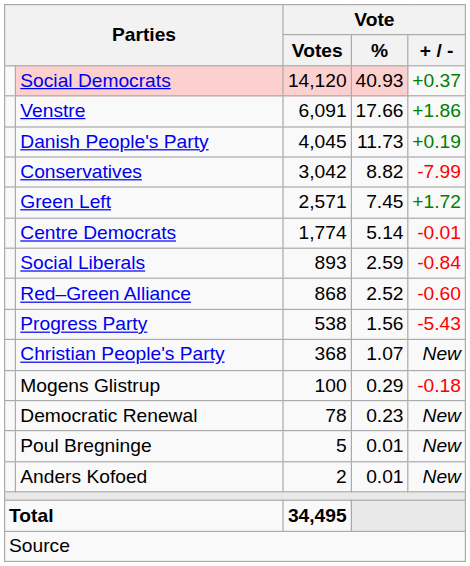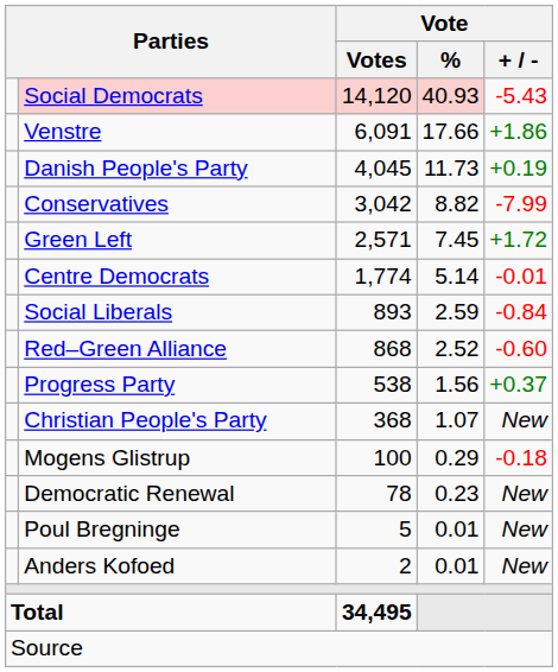 <table class="wikitable" style="text-align:right;">
 <tr>
 <th style="text-align:centre;" rowspan="2" colspan="2" width="225">Parties</th>
 <th colspan="3">Vote</th>
 </tr>
 <tr>
 <th width="15">Votes</th>
 <th width="15">%</th>
 <th width="15">+ / -</th>
 </tr>
 <tr>
 <td width="2" style="color:inherit;background:"></td>
 <td bgcolor=#fbd0ce  align="left"><a href='#'>Social Democrats</a></td>
 <td bgcolor=#fbd0ce>14,120</td>
 <td bgcolor=#fbd0ce>40.93</td>
-<td style=color:green;>+0.37</td>
+<td style=color:red;>-5.43</td>
 </tr>
 <tr>
 <td width="2" style="color:inherit;background:"></td>
 <td align="left"><a href='#'>Venstre</a></td>
 <td>6,091</td>
 <td>17.66</td>
 <td style=color:green;>+1.86</td>
 </tr>
 <tr>
 <td width="2" style="color:inherit;background:"></td>
 <td align="left"><a href='#'>Danish People's Party</a></td>
 <td>4,045</td>
 <td>11.73</td>
 <td style=color:green;>+0.19</td>
 </tr>
 <tr>
 <td width="2" style="color:inherit;background:"></td>
 <td align="left"><a href='#'>Conservatives</a></td>
 <td>3,042</td>
 <td>8.82</td>
 <td style=color:red;>-7.99</td>
 </tr>
 <tr>
 <td width="2" style="color:inherit;background:"></td>
 <td align="left"><a href='#'>Green Left</a></td>
 <td>2,571</td>
 <td>7.45</td>
 <td style=color:green;>+1.72</td>
 </tr>
 <tr>
 <td width="2" style="color:inherit;background:"></td>
 <td align="left"><a href='#'>Centre Democrats</a></td>
 <td>1,774</td>
 <td>5.14</td>
 <td style=color:red;>-0.01</td>
 </tr>
 <tr>
 <td width="2" style="color:inherit;background:"></td>
 <td align="left"><a href='#'>Social Liberals</a></td>
 <td>893</td>
 <td>2.59</td>
 <td style=color:red;>-0.84</td>
 </tr>
 <tr>
 <td width="2" style="color:inherit;background:"></td>
 <td align="left"><a href='#'>Red–Green Alliance</a></td>
 <td>868</td>
 <td>2.52</td>
 <td style=color:red;>-0.60</td>
 </tr>
 <tr>
 <td width="2" style="color:inherit;background:"></td>
 <td align="left"><a href='#'>Progress Party</a></td>
 <td>538</td>
 <td>1.56</td>
-<td style=color:red;>-5.43</td>
+<td style=color:green;>+0.37</td>
 </tr>
 <tr>
 <td width="2" style="color:inherit;background:"></td>
 <td align="left"><a href='#'>Christian People's Party</a></td>
 <td>368</td>
 <td>1.07</td>
 <td><em>New</em></td>
 </tr>
 <tr>
 <td width="2" style="color:inherit;background:"></td>
 <td align="left">Mogens Glistrup</td>
 <td>100</td>
 <td>0.29</td>
 <td style=color:red;>-0.18</td>
 </tr>
 <tr>
 <td width="2" style="color:inherit;background:"></td>
 <td align="left">Democratic Renewal</td>
 <td>78</td>
 <td>0.23</td>
 <td><em>New</em></td>
 </tr>
 <tr>
 <td width="2" style="color:inherit;background:"></td>
 <td align="left">Poul Bregninge</td>
 <td>5</td>
 <td>0.01</td>
 <td><em>New</em></td>
 </tr>
 <tr>
 <td width="2" style="color:inherit;background:"></td>
 <td align="left">Anders Kofoed</td>
 <td>2</td>
 <td>0.01</td>
 <td><em>New</em></td>
 </tr>
 <tr>
 <td colspan="7" bgcolor="#E9E9E9"></td>
 </tr>
 <tr>
 <td align="left" colspan="2"><strong>Total</strong></td>
 <td><strong>34,495</strong></td>
 <td bgcolor="#E9E9E9" colspan="2"></td>
 </tr>
 <tr>
 <td align="left" colspan="6">Source</td>
 </tr>
 </table>
